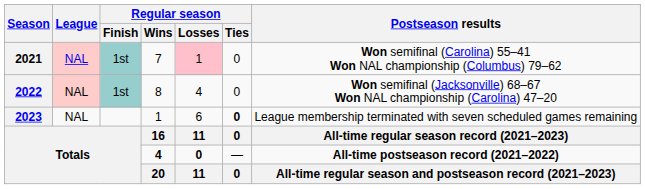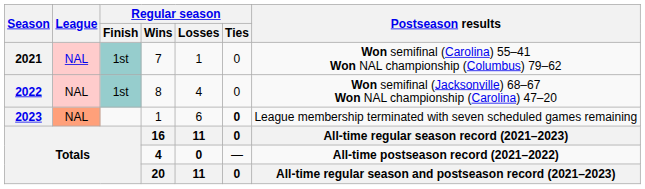 <table class="wikitable" style="text-align:center; font-size: 95%;">
 <tr>
 <th rowspan="2"><a href='#'>Season</a></th>
 <th rowspan="2"><a href='#'>League</a></th>
 <th colspan="4"><a href='#'>Regular season</a></th>
 <th rowspan="2"><a href='#'>Postseason</a> results</th>
 </tr>
 <tr>
 <th>Finish</th>
 <th>Wins</th>
 <th>Losses</th>
 <th>Ties</th>
 </tr>
 <tr>
 <th>2021</th>
 <td bgcolor="#fcc"><a href='#'>NAL</a></td>
 <td bgcolor="#96cdcd">1st</td>
 <td>7</td>
-<td style="background: pink;">1</td>
+<td>1</td>
 <td>0</td>
 <td><strong>Won</strong> semifinal (<a href='#'>Carolina</a>) 55–41<br> <strong>Won</strong> NAL championship (<a href='#'>Columbus</a>) 79–62</td>
 </tr>
 <tr>
 <th><a href='#'>2022</a></th>
 <td bgcolor="#fcc">NAL</td>
 <td bgcolor="#96cdcd">1st</td>
 <td>8</td>
 <td>4</td>
 <td>0</td>
 <td><strong>Won</strong> semifinal (<a href='#'>Jacksonville</a>) 68–67<br> <strong>Won</strong> NAL championship (<a href='#'>Carolina</a>) 47–20</td>
 </tr>
 <tr>
 <th><a href='#'>2023</a></th>
-<td>NAL</td>
+<td style="background: lightsalmon;">NAL</td>
 <td></td>
 <td>1</td>
 <td>6</td>
 <td><strong>0</strong></td>
 <td>League membership terminated with seven scheduled games remaining</td>
 </tr>
 <tr>
 <th colspan="3" rowspan="3">Totals</th>
 <th>16</th>
 <th>11</th>
 <th>0</th>
 <th>All-time regular season record (2021–2023)</th>
 </tr>
 <tr>
 <td><strong>4</strong></td>
 <td><strong>0</strong></td>
 <td>—</td>
 <td><strong>All-time postseason record (2021–2022)</strong></td>
 </tr>
 <tr>
 <th>20</th>
 <th>11</th>
 <th>0</th>
 <th>All-time regular season and postseason record (2021–2023)</th>
 </tr>
 </table>
